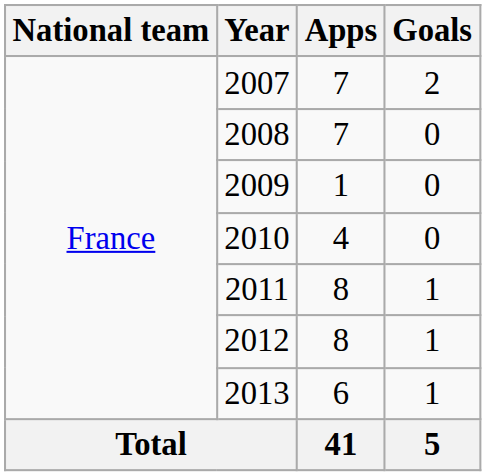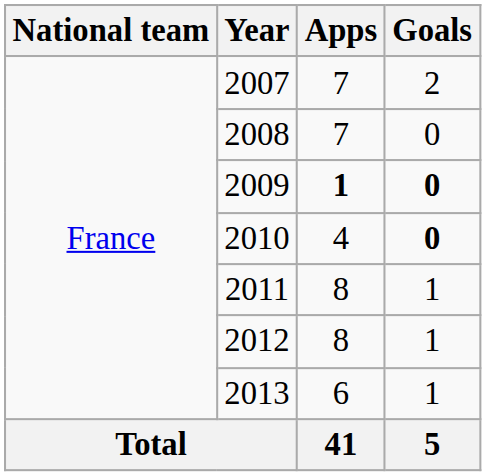 <table class=wikitable style=text-align:center>
 <tr>
 <th>National team</th>
 <th>Year</th>
 <th>Apps</th>
 <th>Goals</th>
 </tr>
 <tr>
 <td rowspan="7"><a href='#'>France</a></td>
 <td>2007</td>
 <td>7</td>
 <td>2</td>
 </tr>
 <tr>
 <td>2008</td>
 <td>7</td>
 <td>0</td>
 </tr>
 <tr>
 <td>2009</td>
-<td>1</td>
-<td>0</td>
+<td><strong>1</strong></td>
+<td><strong>0</strong></td>
 </tr>
 <tr>
 <td>2010</td>
 <td>4</td>
-<td>0</td>
+<td><strong>0</strong></td>
 </tr>
 <tr>
 <td>2011</td>
 <td>8</td>
 <td>1</td>
 </tr>
 <tr>
 <td>2012</td>
 <td>8</td>
 <td>1</td>
 </tr>
 <tr>
 <td>2013</td>
 <td>6</td>
 <td>1</td>
 </tr>
 <tr>
 <th colspan="2">Total</th>
 <th>41</th>
 <th>5</th>
 </tr>
 </table>
